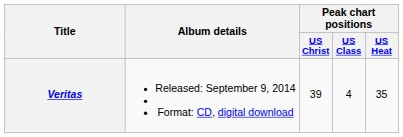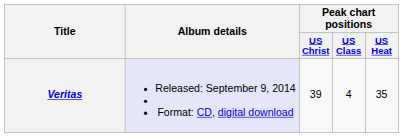 <table class="wikitable plainrowheaders" style="text-align:center;">
 <tr>
 <th scope="col" rowspan="2" style="width:11em;">Title</th>
 <th scope="col" rowspan="2" style="width:16em;">Album details</th>
 <th scope="col" colspan="3">Peak chart positions</th>
 </tr>
 <tr>
 <th style="width:3em; font-size:90%"><a href='#'>US<br>Christ</a><br></th>
 <th style="width:3em; font-size:90%"><a href='#'>US<br>Class</a><br></th>
 <th style="width:3em; font-size:90%"><a href='#'>US<br>Heat</a><br></th>
 </tr>
 <tr>
 <th scope="row"><em><a href='#'>Veritas</a></em></th>
-<td><br><ul><li>Released: September 9, 2014</li><li></li><li>Format: <a href='#'>CD</a>, <a href='#'>digital download</a></li></ul></td>
+<td style="background: lavender;"><br><ul><li>Released: September 9, 2014</li><li></li><li>Format: <a href='#'>CD</a>, <a href='#'>digital download</a></li></ul></td>
 <td>39</td>
 <td>4</td>
 <td>35</td>
 </tr>
 </table>
